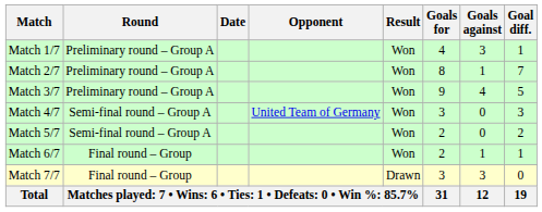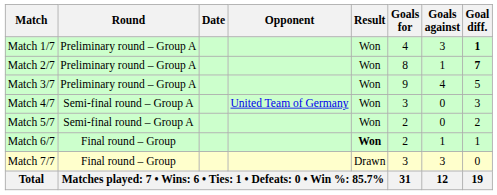 <table class="wikitable sortable" style="text-align: center; font-size: 85%; margin-left: 1em;">
 <tr>
 <th>Match</th>
 <th>Round</th>
 <th>Date</th>
 <th>Opponent</th>
 <th>Result</th>
 <th>Goals<br>for</th>
 <th>Goals<br>against</th>
 <th>Goal<br>diff.</th>
 </tr>
 <tr style="background-color: #ccffcc;">
 <td>Match 1/7</td>
 <td>Preliminary round – Group A</td>
 <td style="text-align: right;"></td>
 <td style="text-align: left;"></td>
 <td>Won</td>
 <td>4</td>
 <td>3</td>
-<td>1</td>
+<td><strong>1</strong></td>
 </tr>
 <tr style="background-color: #ccffcc;">
 <td>Match 2/7</td>
 <td>Preliminary round – Group A</td>
 <td style="text-align: right;"></td>
 <td style="text-align: left;"></td>
 <td>Won</td>
 <td>8</td>
 <td>1</td>
-<td>7</td>
+<td><strong>7</strong></td>
 </tr>
 <tr style="background-color: #ccffcc;">
 <td>Match 3/7</td>
 <td>Preliminary round – Group A</td>
 <td style="text-align: right;"></td>
 <td style="text-align: left;"></td>
 <td>Won</td>
 <td>9</td>
 <td>4</td>
 <td>5</td>
 </tr>
 <tr style="background-color: #ccffcc;">
 <td>Match 4/7</td>
 <td>Semi-final round – Group A</td>
 <td style="text-align: right;"></td>
 <td style="text-align: left;" data-sort-value="United Team of Germany"> <a href='#'>United Team of Germany</a></td>
 <td>Won</td>
 <td>3</td>
 <td>0</td>
 <td>3</td>
 </tr>
 <tr style="background-color: #ccffcc;">
 <td>Match 5/7</td>
 <td>Semi-final round – Group A</td>
 <td style="text-align: right;"></td>
 <td style="text-align: left;"></td>
 <td>Won</td>
 <td>2</td>
 <td>0</td>
 <td>2</td>
 </tr>
 <tr style="background-color: #ccffcc;">
 <td>Match 6/7</td>
 <td>Final round – Group</td>
 <td style="text-align: right;"></td>
 <td style="text-align: left;"></td>
-<td>Won</td>
+<td><strong>Won</strong></td>
 <td>2</td>
 <td>1</td>
 <td>1</td>
 </tr>
 <tr style="background-color: #ffffcc;">
 <td>Match 7/7</td>
 <td>Final round – Group</td>
 <td style="text-align: right;"></td>
 <td style="text-align: left;"></td>
 <td>Drawn</td>
 <td>3</td>
 <td>3</td>
 <td>0</td>
 </tr>
 <tr>
 <th>Total</th>
 <th colspan="4">Matches played: 7 • Wins: 6 • Ties: 1 • Defeats: 0 • Win %: 85.7%</th>
 <th>31</th>
 <th>12</th>
 <th>19</th>
 </tr>
 </table>
